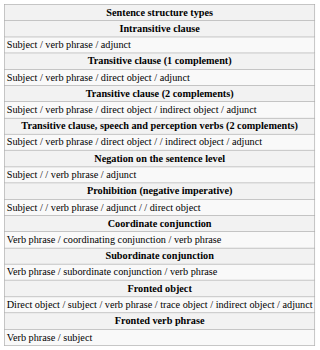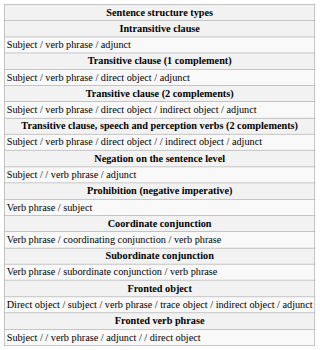 <table class="wikitable">
 <tr>
 <th>Sentence structure types</th>
 </tr>
 <tr>
 <th>Intransitive clause</th>
 </tr>
 <tr>
 <td>Subject / verb phrase / adjunct</td>
 </tr>
 <tr>
 <th>Transitive clause (1 complement)</th>
 </tr>
 <tr>
 <td>Subject / verb phrase / direct object / adjunct</td>
 </tr>
 <tr>
 <th>Transitive clause (2 complements)</th>
 </tr>
 <tr>
 <td>Subject / verb phrase / direct object / indirect object / adjunct</td>
 </tr>
 <tr>
 <th>Transitive clause, speech and perception verbs (2 complements)</th>
 </tr>
 <tr>
 <td>Subject / verb phrase / direct object /  / indirect object / adjunct</td>
 </tr>
 <tr>
 <th>Negation on the sentence level</th>
 </tr>
 <tr>
 <td>Subject /  /  verb phrase / adjunct</td>
 </tr>
 <tr>
 <th>Prohibition (negative imperative)</th>
 </tr>
 <tr>
-<td>Subject /  / verb phrase / adjunct /  / direct object</td>
+<td>Verb phrase / subject</td>
 </tr>
 <tr>
 <th>Coordinate conjunction</th>
 </tr>
 <tr>
 <td>Verb phrase / coordinating conjunction / verb phrase</td>
 </tr>
 <tr>
 <th>Subordinate conjunction</th>
 </tr>
 <tr>
 <td>Verb phrase / subordinate conjunction / verb phrase</td>
 </tr>
 <tr>
 <th>Fronted object</th>
 </tr>
 <tr>
 <td>Direct object / subject / verb phrase / trace object / indirect object / adjunct</td>
 </tr>
 <tr>
 <th>Fronted verb phrase</th>
 </tr>
 <tr>
-<td>Verb phrase / subject</td>
+<td>Subject /  / verb phrase / adjunct /  / direct object</td>
 </tr>
 </table>
